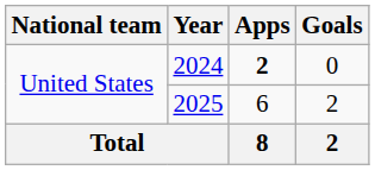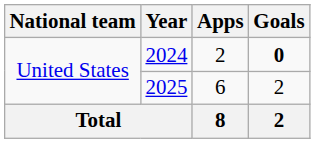 <table class="wikitable" style="text-align:center">
 <tr>
 <th>National team</th>
 <th>Year</th>
 <th>Apps</th>
 <th>Goals</th>
 </tr>
 <tr>
 <td rowspan=2><a href='#'>United States</a></td>
 <td><a href='#'>2024</a></td>
-<td><strong>2</strong></td>
-<td>0</td>
+<td>2</td>
+<td><strong>0</strong></td>
 </tr>
 <tr>
 <td><a href='#'>2025</a></td>
 <td>6</td>
 <td>2</td>
 </tr>
 <tr>
 <th colspan=2>Total</th>
 <th>8</th>
 <th>2</th>
 </tr>
 </table>
